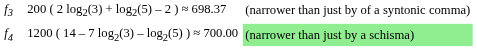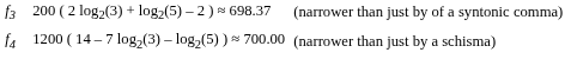 <table border="0" cellpadding="3" cellspacing="3" align="center">
 <tr>
 <td><em>f<sub>3</sub></em></td>
 <td></td>
 <td>200 ( 2 log<sub>2</sub>(3) + log<sub>2</sub>(5) – 2 ) ≈ 698.37</td>
 <td>(narrower than just by   of a syntonic comma)</td>
 </tr>
 <tr>
 <td><em>f<sub>4</sub></em></td>
 <td></td>
 <td>1200 ( 14 – 7 log<sub>2</sub>(3) – log<sub>2</sub>(5) ) ≈ 700.00</td>
-<td style="background: lightgreen;">(narrower than just by a schisma)</td>
+<td>(narrower than just by a schisma)</td>
 </tr>
 </table>
